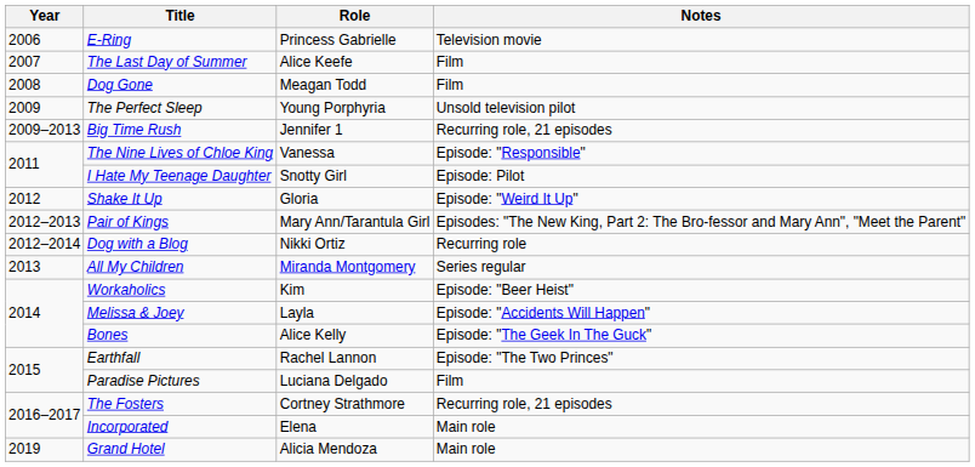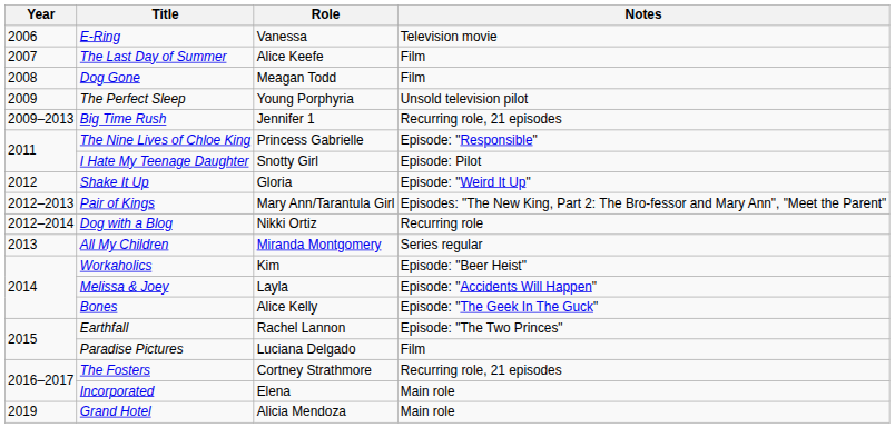 <table class="wikitable sortable">
 <tr>
 <th>Year</th>
 <th>Title</th>
 <th>Role</th>
 <th class="unsortable">Notes</th>
 </tr>
 <tr>
 <td>2006</td>
 <td><em><a href='#'>E-Ring</a></em></td>
-<td>Princess Gabrielle</td>
+<td>Vanessa</td>
 <td>Television movie</td>
 </tr>
 <tr>
 <td>2007</td>
 <td><em><a href='#'>The Last Day of Summer</a></em></td>
 <td>Alice Keefe</td>
 <td>Film</td>
 </tr>
 <tr>
 <td>2008</td>
 <td><em><a href='#'>Dog Gone</a></em></td>
 <td>Meagan Todd</td>
 <td>Film</td>
 </tr>
 <tr>
 <td>2009</td>
 <td><em>The Perfect Sleep</em></td>
 <td>Young Porphyria</td>
 <td>Unsold television pilot</td>
 </tr>
 <tr>
 <td>2009–2013</td>
 <td><em><a href='#'>Big Time Rush</a></em></td>
 <td>Jennifer 1</td>
 <td>Recurring role, 21 episodes</td>
 </tr>
 <tr>
 <td rowspan="2">2011</td>
 <td><em><a href='#'>The Nine Lives of Chloe King</a></em></td>
-<td>Vanessa</td>
+<td>Princess Gabrielle</td>
 <td>Episode: "<a href='#'>Responsible</a>"</td>
 </tr>
 <tr>
 <td><em><a href='#'>I Hate My Teenage Daughter</a></em></td>
 <td>Snotty Girl</td>
 <td>Episode: Pilot</td>
 </tr>
 <tr>
 <td>2012</td>
 <td><em><a href='#'>Shake It Up</a></em></td>
 <td>Gloria</td>
 <td>Episode: "<a href='#'>Weird It Up</a>"</td>
 </tr>
 <tr>
 <td>2012–2013</td>
 <td><em><a href='#'>Pair of Kings</a></em></td>
 <td>Mary Ann/Tarantula Girl</td>
 <td>Episodes: "The New King, Part 2: The Bro-fessor and Mary Ann", "Meet the Parent"</td>
 </tr>
 <tr>
 <td>2012–2014</td>
 <td><em><a href='#'>Dog with a Blog</a></em></td>
 <td>Nikki Ortiz</td>
 <td>Recurring role</td>
 </tr>
 <tr>
 <td>2013</td>
 <td><em><a href='#'>All My Children</a></em></td>
 <td><a href='#'>Miranda Montgomery</a></td>
 <td>Series regular</td>
 </tr>
 <tr>
 <td rowspan="3">2014</td>
 <td><em><a href='#'>Workaholics</a></em></td>
 <td>Kim</td>
 <td>Episode: "Beer Heist"</td>
 </tr>
 <tr>
 <td><em><a href='#'>Melissa & Joey</a></em></td>
 <td>Layla</td>
 <td>Episode: "<a href='#'>Accidents Will Happen</a>"</td>
 </tr>
 <tr>
 <td><em><a href='#'>Bones</a></em></td>
 <td>Alice Kelly</td>
 <td>Episode: "<a href='#'>The Geek In The Guck</a>"</td>
 </tr>
 <tr>
 <td rowspan="2">2015</td>
 <td><em>Earthfall</em></td>
 <td>Rachel Lannon</td>
 <td>Episode: "The Two Princes"</td>
 </tr>
 <tr>
 <td><em>Paradise Pictures</em></td>
 <td>Luciana Delgado</td>
 <td>Film</td>
 </tr>
 <tr>
 <td rowspan="2">2016–2017</td>
 <td><em><a href='#'>The Fosters</a></em></td>
 <td>Cortney Strathmore</td>
 <td>Recurring role, 21 episodes</td>
 </tr>
 <tr>
 <td><em><a href='#'>Incorporated</a></em></td>
 <td>Elena</td>
 <td>Main role</td>
 </tr>
 <tr>
 <td>2019</td>
 <td><em><a href='#'>Grand Hotel</a></em></td>
 <td>Alicia Mendoza</td>
 <td>Main role</td>
 </tr>
 </table>
